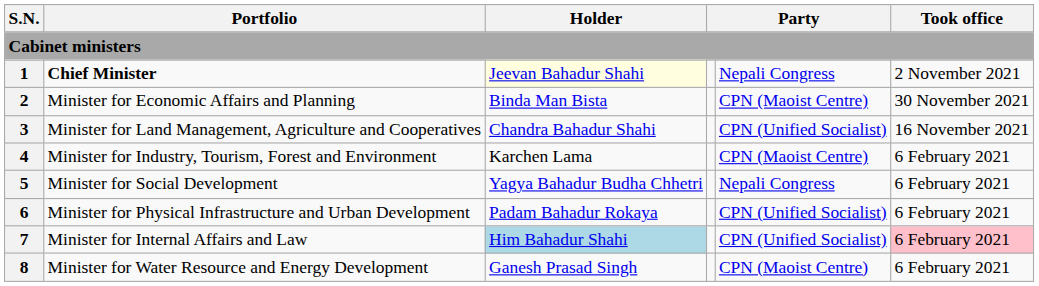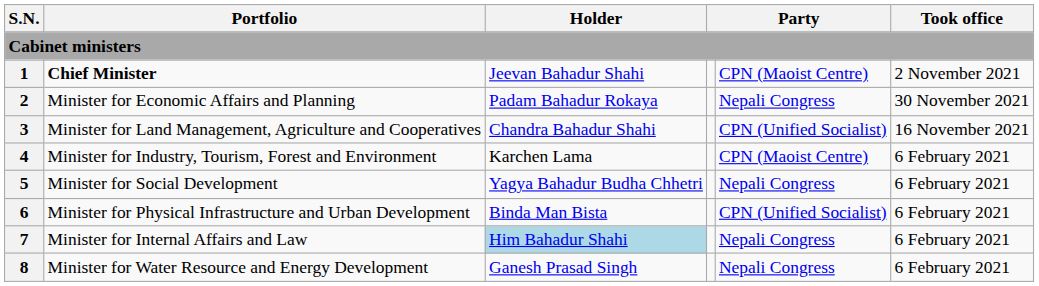 <table class="wikitable">
 <tr>
 <th>S.N.</th>
 <th>Portfolio</th>
 <th>Holder</th>
 <th colspan="2">Party</th>
 <th>Took office</th>
 </tr>
 <tr>
 <td colspan="6" bgcolor="darkgrey"><strong>Cabinet ministers</strong></td>
 </tr>
 <tr>
 <th>1</th>
 <td><strong>Chief Minister</strong></td>
-<td style="background: lightyellow;"><a href='#'>Jeevan Bahadur Shahi</a></td>
+<td><a href='#'>Jeevan Bahadur Shahi</a></td>
 <td></td>
-<td><a href='#'>Nepali Congress</a></td>
+<td><a href='#'>CPN (Maoist Centre)</a></td>
 <td>2 November 2021</td>
 </tr>
 <tr>
 <th>2</th>
 <td>Minister for Economic Affairs and Planning</td>
-<td><a href='#'>Binda Man Bista</a></td>
+<td><a href='#'>Padam Bahadur Rokaya</a></td>
 <td></td>
-<td><a href='#'>CPN (Maoist Centre)</a></td>
+<td><a href='#'>Nepali Congress</a></td>
 <td>30 November 2021</td>
 </tr>
 <tr>
 <th>3</th>
 <td>Minister for Land Management, Agriculture and Cooperatives</td>
 <td><a href='#'>Chandra Bahadur Shahi</a></td>
 <td></td>
 <td><a href='#'>CPN (Unified Socialist)</a></td>
 <td>16 November 2021</td>
 </tr>
 <tr>
 <th>4</th>
 <td>Minister for Industry, Tourism, Forest and Environment</td>
 <td>Karchen Lama</td>
 <td></td>
 <td><a href='#'>CPN (Maoist Centre)</a></td>
 <td>6 February 2021</td>
 </tr>
 <tr>
 <th>5</th>
 <td>Minister for Social Development</td>
 <td><a href='#'>Yagya Bahadur Budha Chhetri</a></td>
 <td></td>
 <td><a href='#'>Nepali Congress</a></td>
 <td>6 February 2021</td>
 </tr>
 <tr>
 <th>6</th>
 <td>Minister for Physical Infrastructure and Urban Development</td>
-<td><a href='#'>Padam Bahadur Rokaya</a></td>
+<td><a href='#'>Binda Man Bista</a></td>
 <td></td>
 <td><a href='#'>CPN (Unified Socialist)</a></td>
 <td>6 February 2021</td>
 </tr>
 <tr>
 <th>7</th>
 <td>Minister for Internal Affairs and Law</td>
 <td style="background: lightblue;"><a href='#'>Him Bahadur Shahi</a></td>
 <td></td>
-<td><a href='#'>CPN (Unified Socialist)</a></td>
-<td style="background: pink;">6 February 2021</td>
+<td><a href='#'>Nepali Congress</a></td>
+<td>6 February 2021</td>
 </tr>
 <tr>
 <th>8</th>
 <td>Minister for Water Resource and Energy Development</td>
 <td><a href='#'>Ganesh Prasad Singh</a></td>
 <td></td>
-<td><a href='#'>CPN (Maoist Centre)</a></td>
+<td><a href='#'>Nepali Congress</a></td>
 <td>6 February 2021</td>
 </tr>
 </table>
